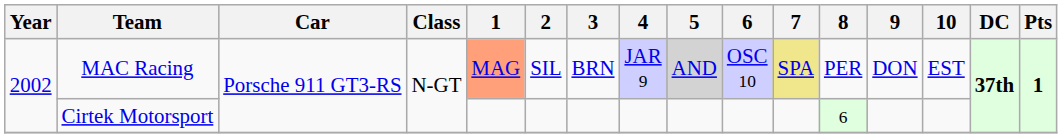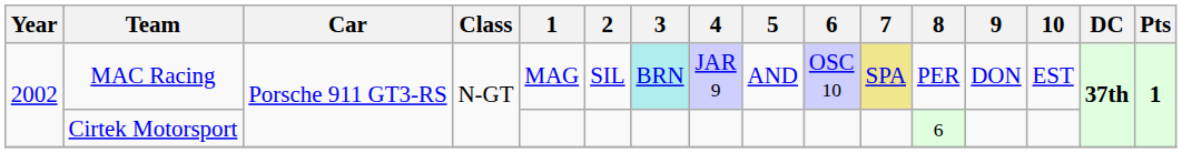 <table class="wikitable" style="text-align:center; font-size:85%">
 <tr>
 <th>Year</th>
 <th>Team</th>
 <th>Car</th>
 <th>Class</th>
 <th>1</th>
 <th>2</th>
 <th>3</th>
 <th>4</th>
 <th>5</th>
 <th>6</th>
 <th>7</th>
 <th>8</th>
 <th>9</th>
 <th>10</th>
 <th>DC</th>
 <th>Pts</th>
 </tr>
 <tr>
 <td rowspan=2><a href='#'>2002</a></td>
 <td><a href='#'>MAC Racing</a></td>
 <td rowspan=2><a href='#'>Porsche 911 GT3-RS</a></td>
 <td rowspan=2>N-GT</td>
-<td style="background: lightsalmon;"><a href='#'>MAG</a><br></td>
+<td><a href='#'>MAG</a><br></td>
 <td><a href='#'>SIL</a><br></td>
-<td><a href='#'>BRN</a><br></td>
+<td style="background: paleturquoise;"><a href='#'>BRN</a><br></td>
 <td style="background:#CFCFFF;"><a href='#'>JAR</a><br><small>9</small></td>
-<td style="background: lightgrey;"><a href='#'>AND</a><br></td>
+<td><a href='#'>AND</a><br></td>
 <td style="background:#CFCFFF;"><a href='#'>OSC</a><br><small>10</small></td>
 <td style="background: khaki;"><a href='#'>SPA</a><br></td>
 <td><a href='#'>PER</a><br></td>
 <td><a href='#'>DON</a><br></td>
 <td><a href='#'>EST</a><br></td>
 <th rowspan=2 style="background:#DFFFDF;">37th</th>
 <th rowspan=2 style="background:#DFFFDF;">1</th>
 </tr>
 <tr>
 <td><a href='#'>Cirtek Motorsport</a></td>
 <td></td>
 <td></td>
 <td></td>
 <td></td>
 <td></td>
 <td></td>
 <td></td>
 <td style="background:#DFFFDF;"><small>6</small></td>
 <td></td>
 <td></td>
 </tr>
 <tr>
 </tr>
 </table>
